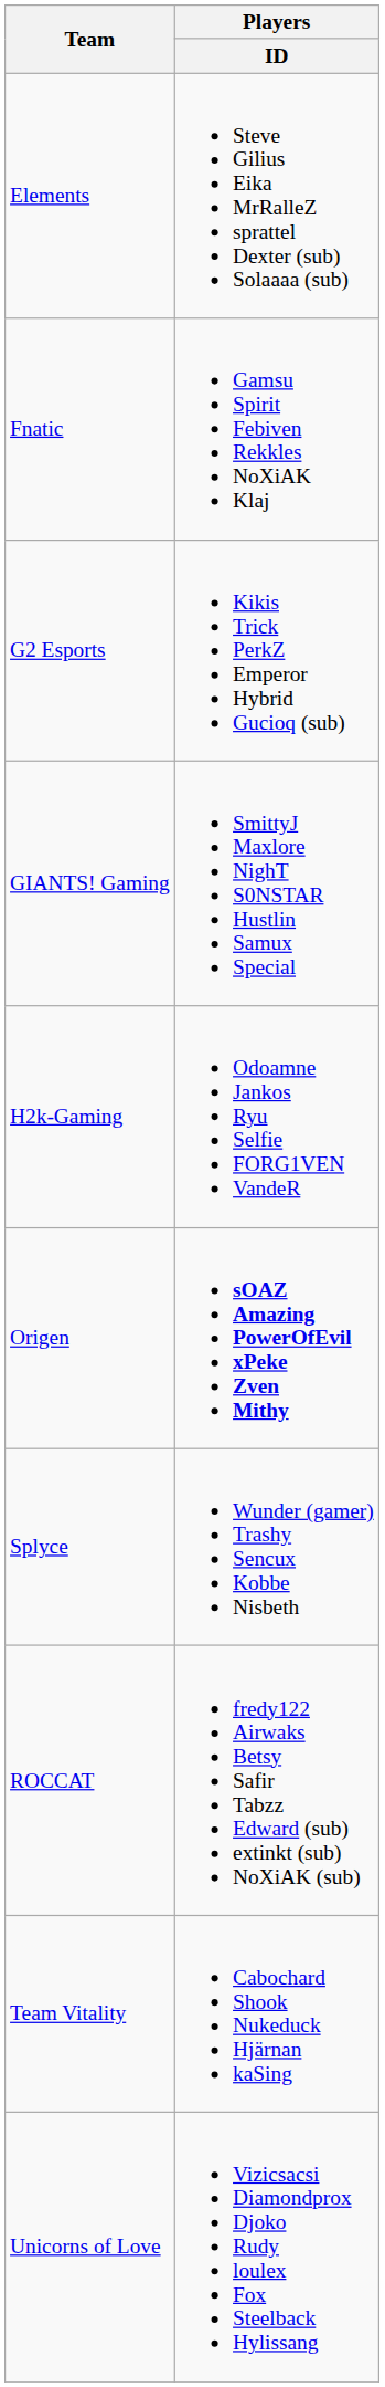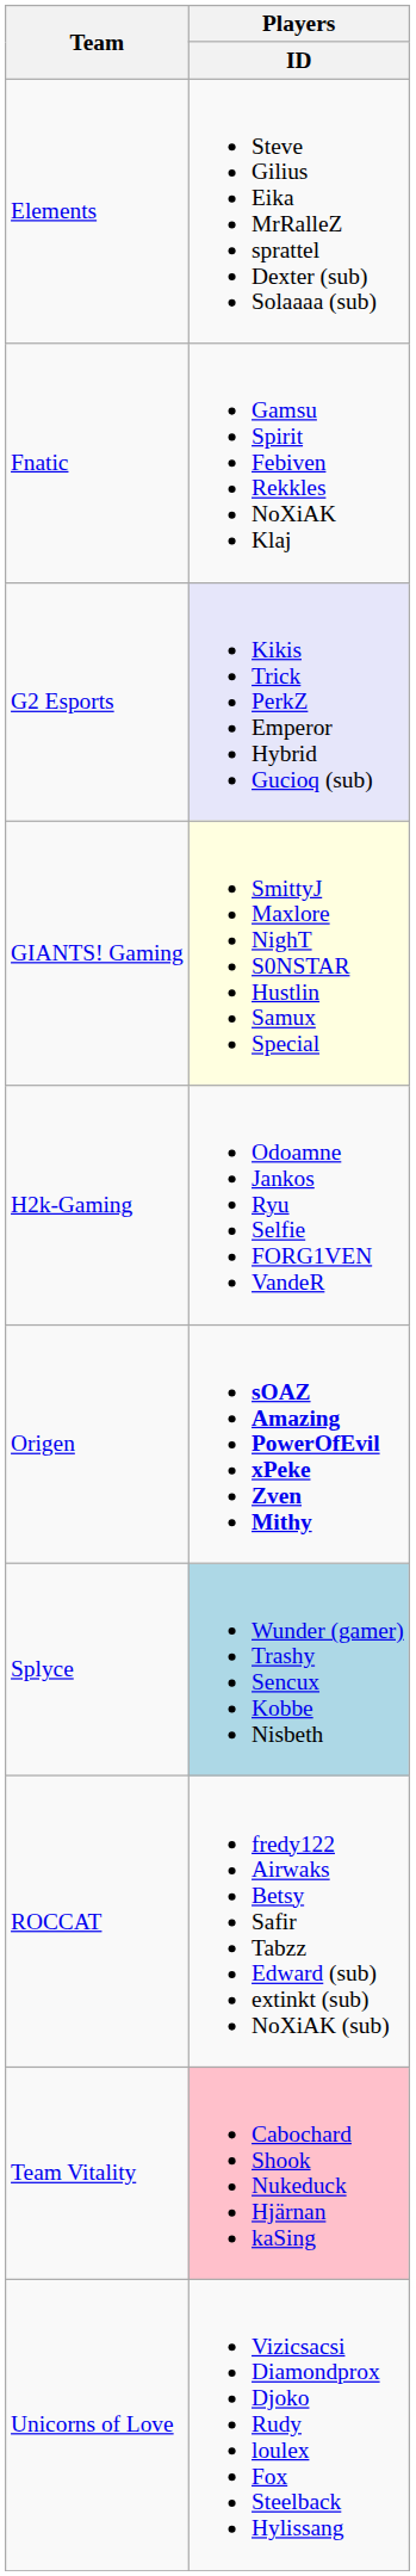 <table class="wikitable" style="text-align:left">
 <tr>
 <th rowspan="2">Team</th>
 <th colspan="3">Players</th>
 </tr>
 <tr>
 <th>ID</th>
 </tr>
 <tr>
 <td><a href='#'>Elements</a></td>
 <td><br><ul><li>Steve</li><li>Gilius</li><li>Eika</li><li>MrRalleZ</li><li>sprattel</li><li>Dexter (sub)</li><li>Solaaaa (sub)</li></ul></td>
 </tr>
 <tr>
 <td><a href='#'>Fnatic</a></td>
 <td><br><ul><li><a href='#'>Gamsu</a></li><li><a href='#'>Spirit</a></li><li><a href='#'>Febiven</a></li><li><a href='#'>Rekkles</a></li><li>NoXiAK</li><li>Klaj</li></ul></td>
 </tr>
 <tr>
 <td><a href='#'>G2 Esports</a></td>
-<td><br><ul><li><a href='#'>Kikis</a></li><li><a href='#'>Trick</a></li><li><a href='#'>PerkZ</a></li><li>Emperor</li><li>Hybrid</li><li><a href='#'>Gucioq</a> (sub)</li></ul></td>
+<td style="background: lavender;"><br><ul><li><a href='#'>Kikis</a></li><li><a href='#'>Trick</a></li><li><a href='#'>PerkZ</a></li><li>Emperor</li><li>Hybrid</li><li><a href='#'>Gucioq</a> (sub)</li></ul></td>
 </tr>
 <tr>
 <td><a href='#'>GIANTS! Gaming</a></td>
-<td><br><ul><li><a href='#'>SmittyJ</a></li><li><a href='#'>Maxlore</a></li><li><a href='#'>NighT</a></li><li><a href='#'>S0NSTAR</a></li><li><a href='#'>Hustlin</a></li><li><a href='#'>Samux</a></li><li><a href='#'>Special</a></li></ul></td>
+<td style="background: lightyellow;"><br><ul><li><a href='#'>SmittyJ</a></li><li><a href='#'>Maxlore</a></li><li><a href='#'>NighT</a></li><li><a href='#'>S0NSTAR</a></li><li><a href='#'>Hustlin</a></li><li><a href='#'>Samux</a></li><li><a href='#'>Special</a></li></ul></td>
 </tr>
 <tr>
 <td><a href='#'>H2k-Gaming</a></td>
 <td><br><ul><li><a href='#'>Odoamne</a></li><li><a href='#'>Jankos</a></li><li><a href='#'>Ryu</a></li><li><a href='#'>Selfie</a></li><li><a href='#'>FORG1VEN</a></li><li><a href='#'>VandeR</a></li></ul></td>
 </tr>
 <tr>
 <td><a href='#'>Origen</a></td>
 <td><strong><br><ul><li><a href='#'>sOAZ</a></li><li><a href='#'>Amazing</a></li><li><a href='#'>PowerOfEvil</a></li><li><a href='#'>xPeke</a></li><li><a href='#'>Zven</a></li><li><a href='#'>Mithy</a></li></ul></strong></td>
 </tr>
 <tr>
 <td><a href='#'>Splyce</a></td>
-<td><br><ul><li><a href='#'>Wunder (gamer)</a></li><li><a href='#'>Trashy</a></li><li><a href='#'>Sencux</a></li><li><a href='#'>Kobbe</a></li><li>Nisbeth</li></ul></td>
+<td style="background: lightblue;"><br><ul><li><a href='#'>Wunder (gamer)</a></li><li><a href='#'>Trashy</a></li><li><a href='#'>Sencux</a></li><li><a href='#'>Kobbe</a></li><li>Nisbeth</li></ul></td>
 </tr>
 <tr>
 <td><a href='#'>ROCCAT</a></td>
 <td><br><ul><li><a href='#'>fredy122</a></li><li><a href='#'>Airwaks</a></li><li><a href='#'>Betsy</a></li><li>Safir</li><li>Tabzz</li><li><a href='#'>Edward</a> (sub)</li><li>extinkt (sub)</li><li>NoXiAK (sub)</li></ul></td>
 </tr>
 <tr>
 <td><a href='#'>Team Vitality</a></td>
-<td><br><ul><li><a href='#'>Cabochard</a></li><li><a href='#'>Shook</a></li><li><a href='#'>Nukeduck</a></li><li><a href='#'>Hjärnan</a></li><li><a href='#'>kaSing</a></li></ul></td>
+<td style="background: pink;"><br><ul><li><a href='#'>Cabochard</a></li><li><a href='#'>Shook</a></li><li><a href='#'>Nukeduck</a></li><li><a href='#'>Hjärnan</a></li><li><a href='#'>kaSing</a></li></ul></td>
 </tr>
 <tr>
 <td><a href='#'>Unicorns of Love</a></td>
 <td><br><ul><li><a href='#'>Vizicsacsi</a></li><li><a href='#'>Diamondprox</a></li><li><a href='#'>Djoko</a></li><li><a href='#'>Rudy</a></li><li><a href='#'>loulex</a></li><li><a href='#'>Fox</a></li><li><a href='#'>Steelback</a></li><li><a href='#'>Hylissang</a></li></ul></td>
 </tr>
 </table>
